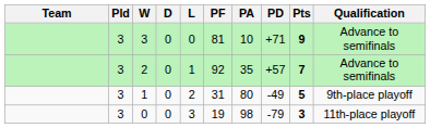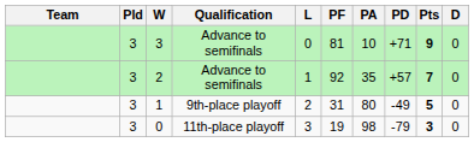 <table class="wikitable" style="text-align:center;">
 <tr>
 <th width=135>Team</th>
 <th width=25 abbr="Played">Pld</th>
 <th width=25 abbr="Won">W</th>
-<th width=25 abbr="Drawn">D</th>
+<th width=145>Qualification</th>
 <th width=25 abbr="Lost">L</th>
 <th width=32 abbr="Points for">PF</th>
 <th width=32 abbr="Points against">PA</th>
 <th width=32 abbr="Points difference">PD</th>
 <th width=25 abbr="Points">Pts</th>
-<th width=145>Qualification</th>
+<th width=25 abbr="Drawn">D</th>
 </tr>
 <tr style="background:#BBF3BB;">
 <td align=left></td>
 <td>3</td>
 <td>3</td>
-<td>0</td>
+<td>Advance to semifinals</td>
 <td>0</td>
 <td>81</td>
 <td>10</td>
 <td>+71</td>
 <td><strong>9</strong></td>
-<td>Advance to semifinals</td>
+<td>0</td>
 </tr>
 <tr style="background:#BBF3BB;">
 <td align=left></td>
 <td>3</td>
 <td>2</td>
-<td>0</td>
+<td>Advance to semifinals</td>
 <td>1</td>
 <td>92</td>
 <td>35</td>
 <td>+57</td>
 <td><strong>7</strong></td>
-<td>Advance to semifinals</td>
+<td>0</td>
 </tr>
 <tr>
 <td align=left></td>
 <td>3</td>
 <td>1</td>
-<td>0</td>
+<td>9th-place playoff</td>
 <td>2</td>
 <td>31</td>
 <td>80</td>
 <td>-49</td>
 <td><strong>5</strong></td>
-<td>9th-place playoff</td>
+<td>0</td>
 </tr>
 <tr>
 <td align=left></td>
 <td>3</td>
 <td>0</td>
-<td>0</td>
+<td>11th-place playoff</td>
 <td>3</td>
 <td>19</td>
 <td>98</td>
 <td>-79</td>
 <td><strong>3</strong></td>
-<td>11th-place playoff</td>
+<td>0</td>
 </tr>
 </table>
